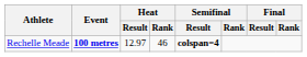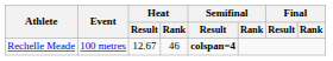 <table class=wikitable style=font-size:90%>
 <tr>
 <th rowspan=2>Athlete</th>
 <th rowspan=2>Event</th>
 <th colspan=2>Heat</th>
 <th colspan=2>Semifinal</th>
 <th colspan=2>Final</th>
 </tr>
 <tr style=font-size:95%>
 <th>Result</th>
 <th>Rank</th>
 <th>Result</th>
 <th>Rank</th>
 <th>Result</th>
 <th>Rank</th>
 </tr>
 <tr align=center>
 <td align=left><a href='#'>Rechelle Meade</a></td>
-<td align=left><strong><a href='#'>100 metres</a></strong></td>
-<td>12.97</td>
+<td align=left><a href='#'>100 metres</a></td>
+<td>12.67</td>
 <td>46</td>
 <td><strong>colspan=4 </strong></td>
 </tr>
 </table>
